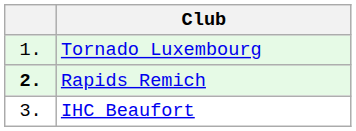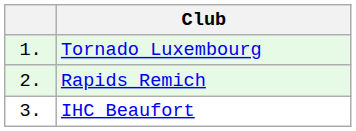 <table class="wikitable">
 <tr>
 <th width="30"></th>
 <th width="200">Club</th>
 </tr>
 <tr bgcolor="#e6fae6" align="center">
 <td>1.</td>
 <td align="left"><a href='#'>Tornado Luxembourg</a></td>
 </tr>
 <tr bgcolor="#e6fae6" align="center">
-<td><strong>2.</strong></td>
+<td>2.</td>
 <td align="left"><a href='#'>Rapids Remich</a></td>
 </tr>
 <tr bgcolor="#FFFFFF" align="center">
 <td>3.</td>
 <td align="left"><a href='#'>IHC Beaufort</a></td>
 </tr>
 </table>
